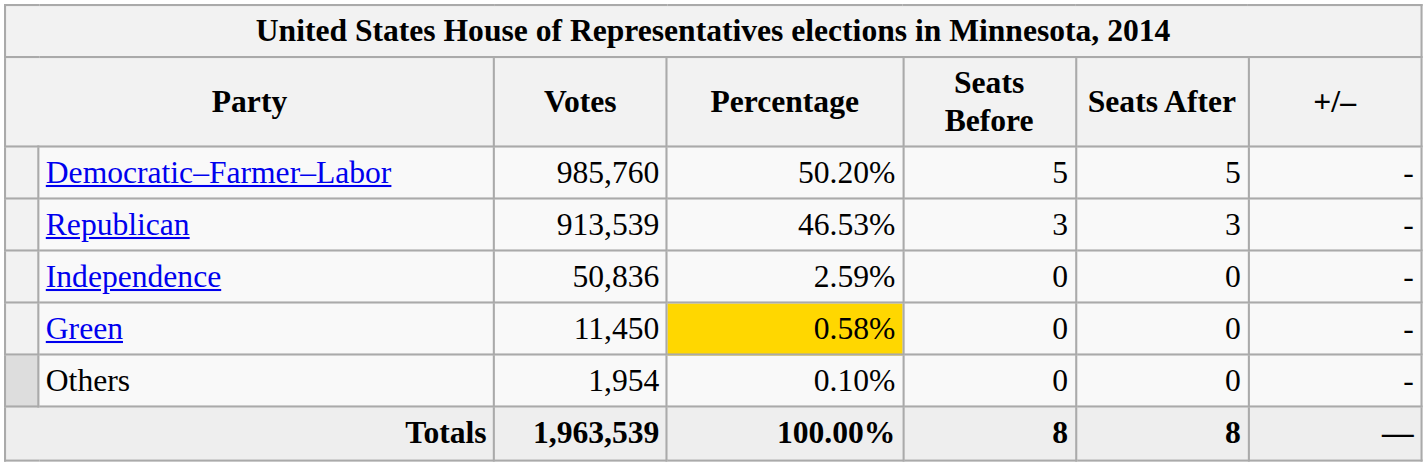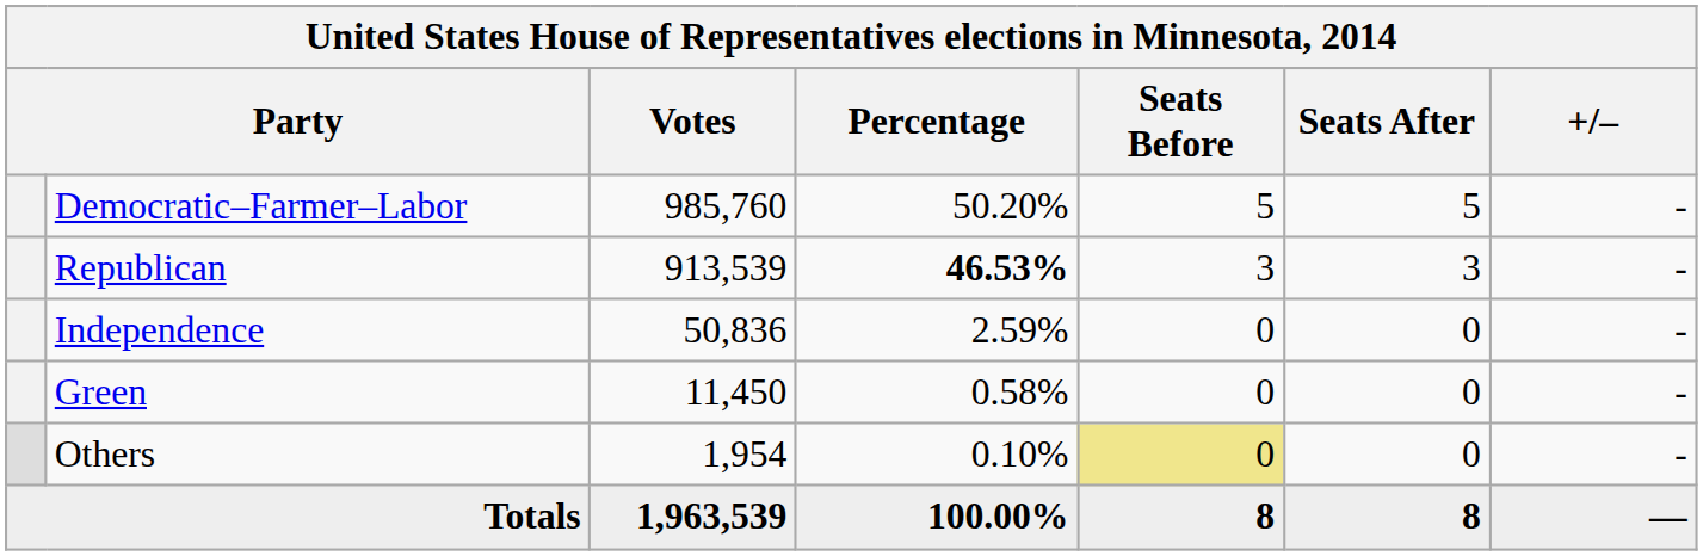 <table class="wikitable" style="font-size: 95%;">
 <tr>
 <th colspan="7">United States House of Representatives elections in Minnesota, 2014</th>
 </tr>
 <tr>
 <th colspan=2 style="width: 15em">Party</th>
 <th style="width: 5em">Votes</th>
 <th style="width: 7em">Percentage</th>
 <th style="width: 5em">Seats Before</th>
 <th style="width: 5em">Seats After</th>
 <th style="width: 5em">+/–</th>
 </tr>
 <tr>
 <th style="background:"></th>
 <td style="width: 130px"><a href='#'>Democratic–Farmer–Labor</a></td>
 <td style="text-align:right;">985,760</td>
 <td style="text-align:right;">50.20%</td>
 <td style="text-align:right;">5</td>
 <td style="text-align:right;">5</td>
 <td style="text-align:right;">-</td>
 </tr>
 <tr>
 <th style="background:"></th>
 <td style="width: 130px"><a href='#'>Republican</a></td>
 <td style="text-align:right;">913,539</td>
-<td style="text-align:right;">46.53%</td>
+<td style="text-align:right;"><strong>46.53%</strong></td>
 <td style="text-align:right;">3</td>
 <td style="text-align:right;">3</td>
 <td style="text-align:right;">-</td>
 </tr>
 <tr>
 <th style="background:"></th>
 <td style="width: 130px"><a href='#'>Independence</a></td>
 <td style="text-align:right;">50,836</td>
 <td style="text-align:right;">2.59%</td>
 <td style="text-align:right;">0</td>
 <td style="text-align:right;">0</td>
 <td style="text-align:right;">-</td>
 </tr>
 <tr>
 <th style="background:"></th>
 <td style="width: 130px"><a href='#'>Green</a></td>
 <td style="text-align:right;">11,450</td>
-<td style="background: gold; text-align:right;">0.58%</td>
+<td style="text-align:right;">0.58%</td>
 <td style="text-align:right;">0</td>
 <td style="text-align:right;">0</td>
 <td style="text-align:right;">-</td>
 </tr>
 <tr>
 <th style="background:#ddd; width:3px;"></th>
 <td style="width: 130px">Others</td>
 <td style="text-align:right;">1,954</td>
 <td style="text-align:right;">0.10%</td>
-<td style="text-align:right;">0</td>
+<td style="background: khaki; text-align:right;">0</td>
 <td style="text-align:right;">0</td>
 <td style="text-align:right;">-</td>
 </tr>
 <tr style="background:#eee; text-align:right;">
 <td colspan="2"><strong>Totals</strong></td>
 <td><strong>1,963,539</strong></td>
 <td><strong>100.00%</strong></td>
 <td><strong>8</strong></td>
 <td><strong>8</strong></td>
 <td><strong>—</strong></td>
 </tr>
 </table>
